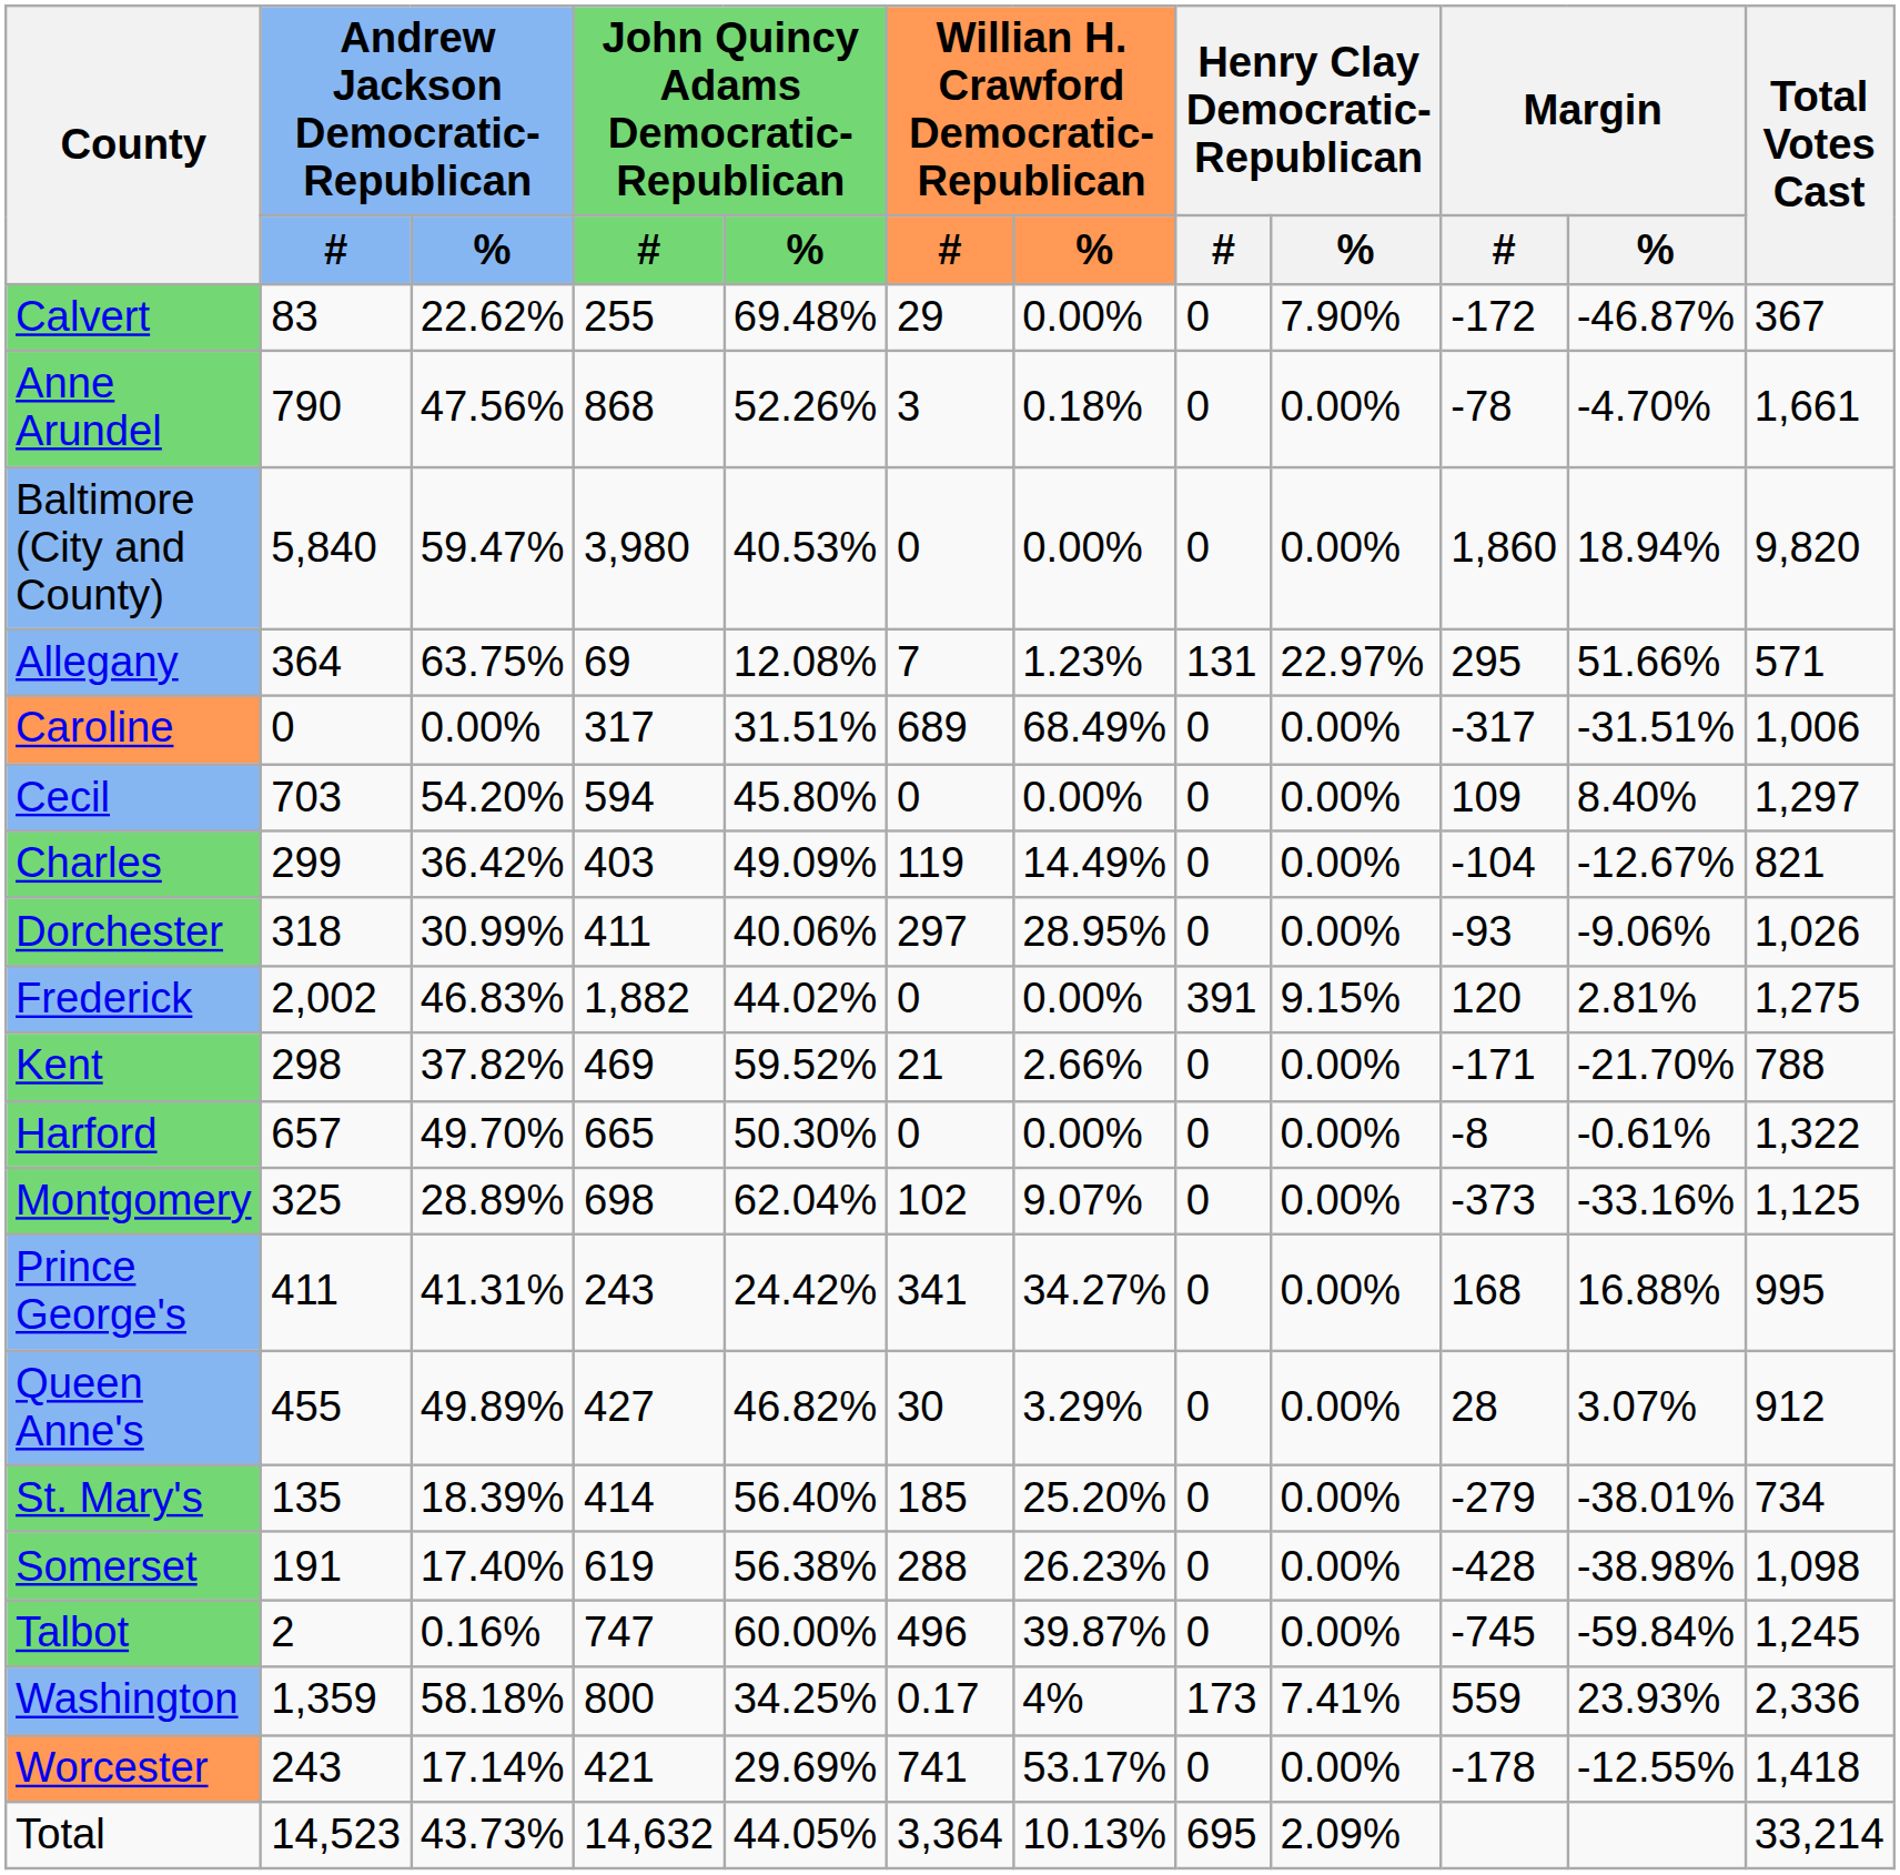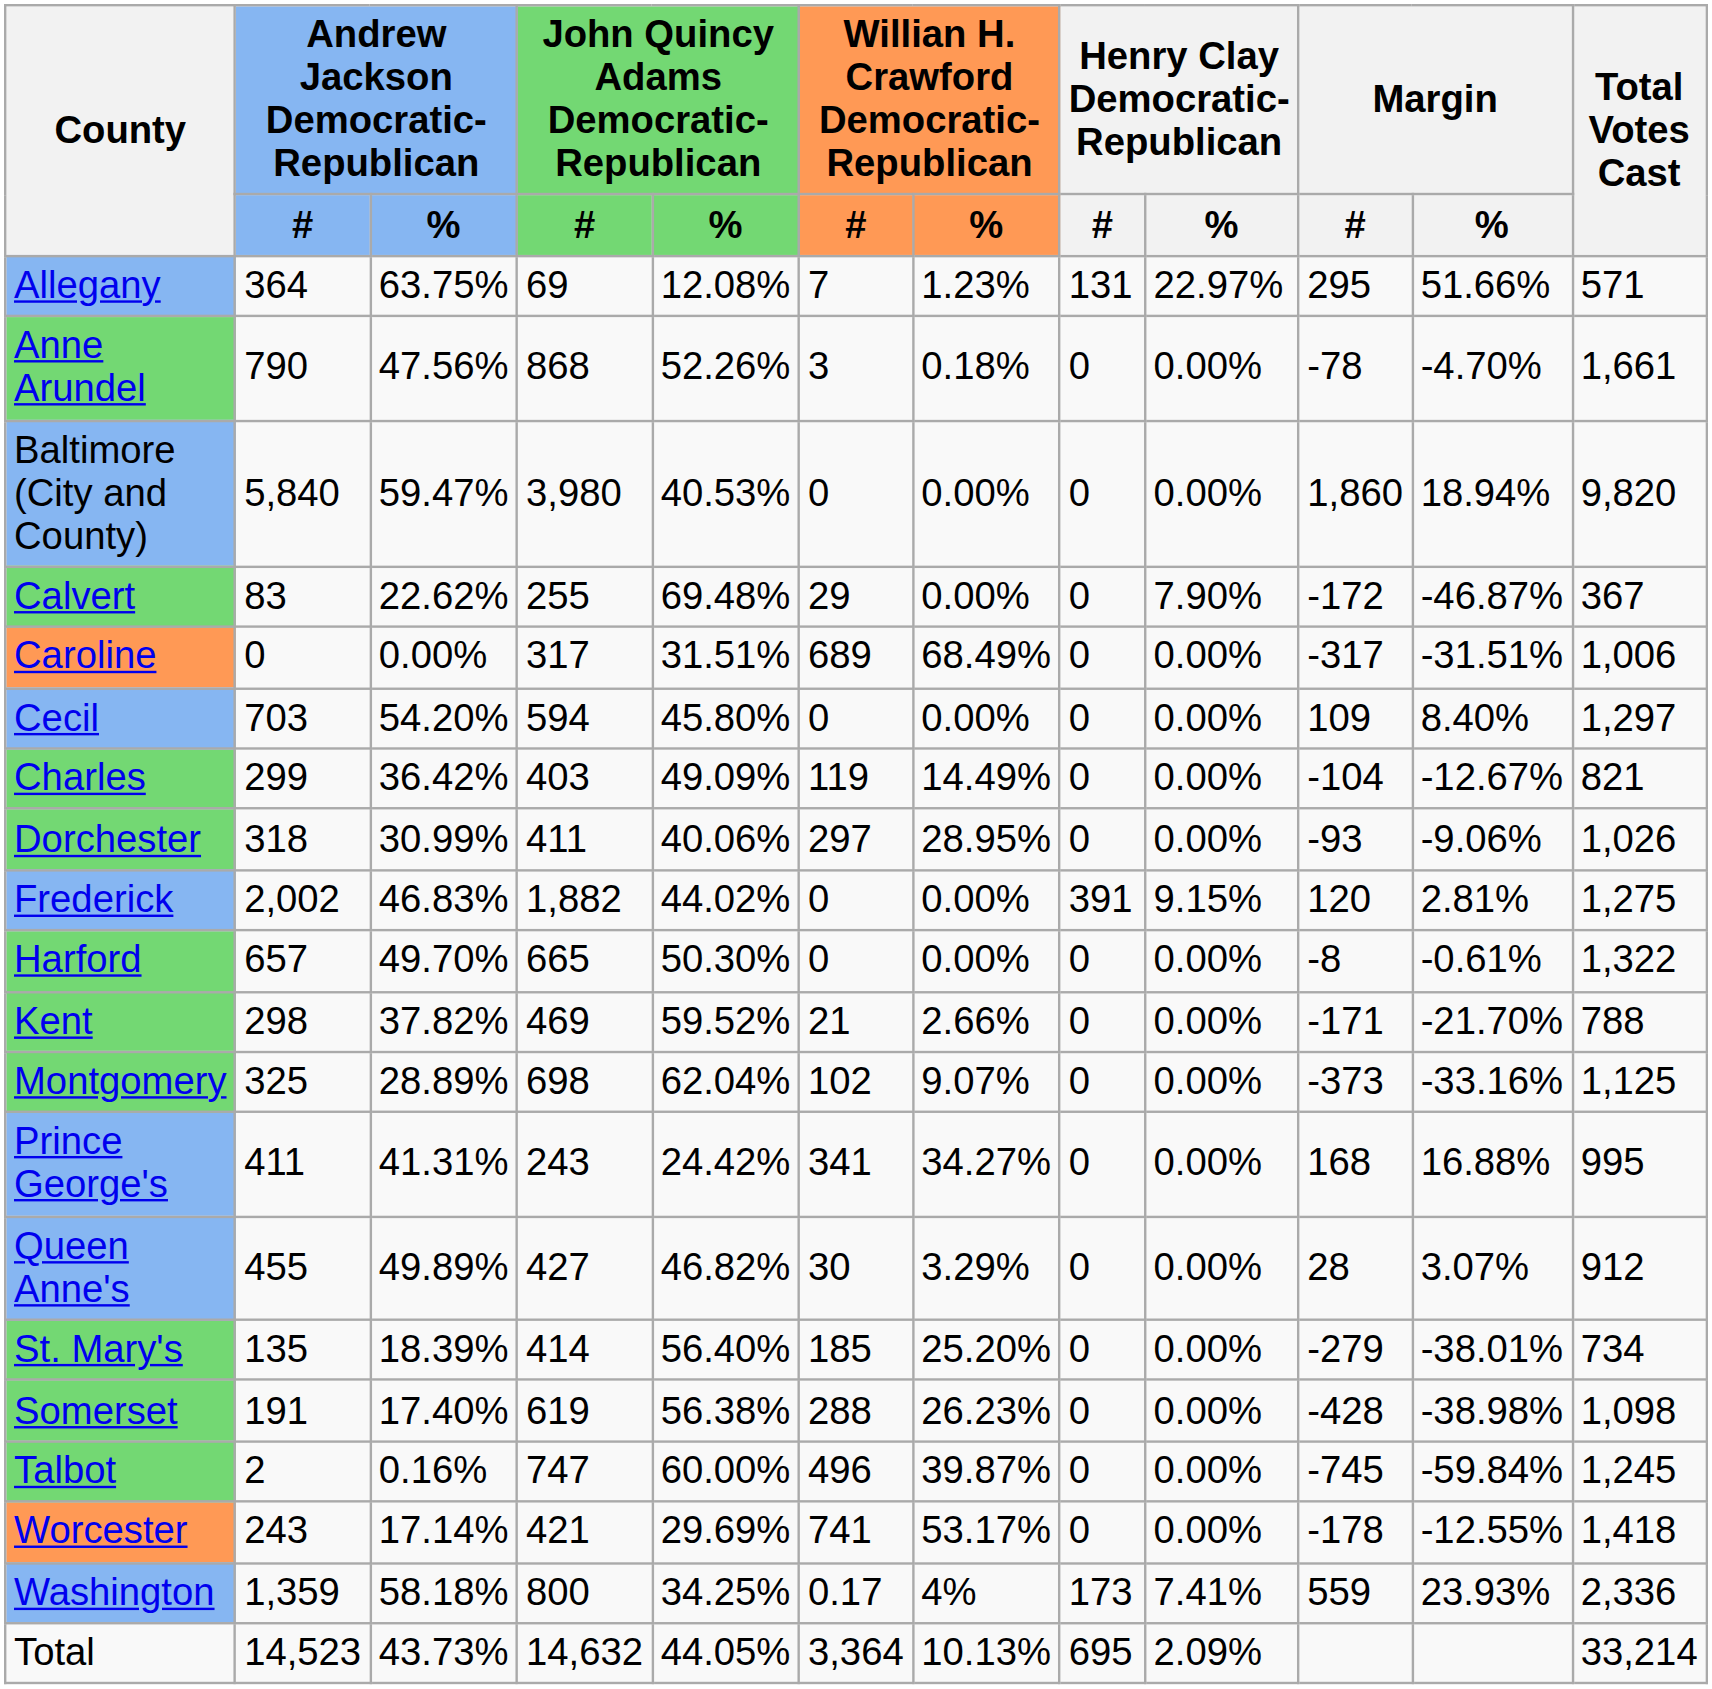 <table class="wikitable sortable">
 <tr>
 <th rowspan="2">County</th>
 <th colspan="2" style="background-color:#86b6f2">Andrew Jackson<br>Democratic-Republican</th>
 <th colspan="2" style="background-color:#73d873">John Quincy Adams<br>Democratic-Republican</th>
 <th colspan="2" style="background-color:#ff9955">Willian H. Crawford<br>Democratic-Republican</th>
 <th colspan="2" >Henry Clay<br>Democratic-Republican</th>
 <th colspan="2">Margin</th>
 <th rowspan="2">Total<br>Votes<br>Cast </th>
 </tr>
 <tr>
 <th style="background-color:#86b6f2">#</th>
 <th style="background-color:#86b6f2">%</th>
 <th style="background-color:#73d873">#</th>
 <th style="background-color:#73d873">%</th>
 <th style="background-color:#ff9955">#</th>
 <th style="background-color:#ff9955">%</th>
 <th>#</th>
 <th>%</th>
 <th>#</th>
 <th>%</th>
 </tr>
 <tr>
-<td style="background-color:#73d873"><a href='#'>Calvert</a></td>
-<td>83</td>
-<td>22.62%</td>
-<td>255</td>
-<td>69.48%</td>
-<td>29</td>
-<td>0.00%</td>
-<td>0</td>
-<td>7.90%</td>
-<td>-172</td>
-<td>-46.87%</td>
-<td>367</td>
+<td style="background-color:#86b6f2"><a href='#'>Allegany</a></td>
+<td>364</td>
+<td>63.75%</td>
+<td>69</td>
+<td>12.08%</td>
+<td>7</td>
+<td>1.23%</td>
+<td>131</td>
+<td>22.97%</td>
+<td>295</td>
+<td>51.66%</td>
+<td>571</td>
 </tr>
 <tr>
 <td style="background-color:#73d873"><a href='#'>Anne Arundel</a></td>
 <td>790</td>
 <td>47.56%</td>
 <td>868</td>
 <td>52.26%</td>
 <td>3</td>
 <td>0.18%</td>
 <td>0</td>
 <td>0.00%</td>
 <td>-78</td>
 <td>-4.70%</td>
 <td>1,661</td>
 </tr>
 <tr>
 <td style="background-color:#86b6f2">Baltimore (City and County)</td>
 <td>5,840</td>
 <td>59.47%</td>
 <td>3,980</td>
 <td>40.53%</td>
 <td>0</td>
 <td>0.00%</td>
 <td>0</td>
 <td>0.00%</td>
 <td>1,860</td>
 <td>18.94%</td>
 <td>9,820</td>
 </tr>
 <tr>
-<td style="background-color:#86b6f2"><a href='#'>Allegany</a></td>
-<td>364</td>
-<td>63.75%</td>
-<td>69</td>
-<td>12.08%</td>
-<td>7</td>
-<td>1.23%</td>
-<td>131</td>
-<td>22.97%</td>
-<td>295</td>
-<td>51.66%</td>
-<td>571</td>
+<td style="background-color:#73d873"><a href='#'>Calvert</a></td>
+<td>83</td>
+<td>22.62%</td>
+<td>255</td>
+<td>69.48%</td>
+<td>29</td>
+<td>0.00%</td>
+<td>0</td>
+<td>7.90%</td>
+<td>-172</td>
+<td>-46.87%</td>
+<td>367</td>
 </tr>
 <tr>
 <td style="background-color:#ff9955"><a href='#'>Caroline</a></td>
 <td>0</td>
 <td>0.00%</td>
 <td>317</td>
 <td>31.51%</td>
 <td>689</td>
 <td>68.49%</td>
 <td>0</td>
 <td>0.00%</td>
 <td>-317</td>
 <td>-31.51%</td>
 <td>1,006</td>
 </tr>
 <tr>
 <td style="background-color:#86b6f2"><a href='#'>Cecil</a></td>
 <td>703</td>
 <td>54.20%</td>
 <td>594</td>
 <td>45.80%</td>
 <td>0</td>
 <td>0.00%</td>
 <td>0</td>
 <td>0.00%</td>
 <td>109</td>
 <td>8.40%</td>
 <td>1,297</td>
 </tr>
 <tr>
 <td style="background-color:#73d873"><a href='#'>Charles</a></td>
 <td>299</td>
 <td>36.42%</td>
 <td>403</td>
 <td>49.09%</td>
 <td>119</td>
 <td>14.49%</td>
 <td>0</td>
 <td>0.00%</td>
 <td>-104</td>
 <td>-12.67%</td>
 <td>821</td>
 </tr>
 <tr>
 <td style="background-color:#73d873"><a href='#'>Dorchester</a></td>
 <td>318</td>
 <td>30.99%</td>
 <td>411</td>
 <td>40.06%</td>
 <td>297</td>
 <td>28.95%</td>
 <td>0</td>
 <td>0.00%</td>
 <td>-93</td>
 <td>-9.06%</td>
 <td>1,026</td>
 </tr>
 <tr>
 <td style="background-color:#86b6f2"><a href='#'>Frederick</a></td>
 <td>2,002</td>
 <td>46.83%</td>
 <td>1,882</td>
 <td>44.02%</td>
 <td>0</td>
 <td>0.00%</td>
 <td>391</td>
 <td>9.15%</td>
 <td>120</td>
 <td>2.81%</td>
 <td>1,275</td>
 </tr>
 <tr>
+<td style="background-color:#73d873"><a href='#'>Harford</a></td>
+<td>657</td>
+<td>49.70%</td>
+<td>665</td>
+<td>50.30%</td>
+<td>0</td>
+<td>0.00%</td>
+<td>0</td>
+<td>0.00%</td>
+<td>-8</td>
+<td>-0.61%</td>
+<td>1,322</td>
+</tr>
+<tr>
 <td style="background-color:#73d873"><a href='#'>Kent</a></td>
 <td>298</td>
 <td>37.82%</td>
 <td>469</td>
 <td>59.52%</td>
 <td>21</td>
 <td>2.66%</td>
 <td>0</td>
 <td>0.00%</td>
 <td>-171</td>
 <td>-21.70%</td>
 <td>788</td>
-</tr>
-<tr>
-<td style="background-color:#73d873"><a href='#'>Harford</a></td>
-<td>657</td>
-<td>49.70%</td>
-<td>665</td>
-<td>50.30%</td>
-<td>0</td>
-<td>0.00%</td>
-<td>0</td>
-<td>0.00%</td>
-<td>-8</td>
-<td>-0.61%</td>
-<td>1,322</td>
 </tr>
 <tr>
 <td style="background-color:#73d873"><a href='#'>Montgomery</a></td>
 <td>325</td>
 <td>28.89%</td>
 <td>698</td>
 <td>62.04%</td>
 <td>102</td>
 <td>9.07%</td>
 <td>0</td>
 <td>0.00%</td>
 <td>-373</td>
 <td>-33.16%</td>
 <td>1,125</td>
 </tr>
 <tr>
 <td style="background-color:#86b6f2"><a href='#'>Prince George's</a></td>
 <td>411</td>
 <td>41.31%</td>
 <td>243</td>
 <td>24.42%</td>
 <td>341</td>
 <td>34.27%</td>
 <td>0</td>
 <td>0.00%</td>
 <td>168</td>
 <td>16.88%</td>
 <td>995</td>
 </tr>
 <tr>
 <td style="background-color:#86b6f2"><a href='#'>Queen Anne's</a></td>
 <td>455</td>
 <td>49.89%</td>
 <td>427</td>
 <td>46.82%</td>
 <td>30</td>
 <td>3.29%</td>
 <td>0</td>
 <td>0.00%</td>
 <td>28</td>
 <td>3.07%</td>
 <td>912</td>
 </tr>
 <tr>
 <td style="background-color:#73d873"><a href='#'>St. Mary's</a></td>
 <td>135</td>
 <td>18.39%</td>
 <td>414</td>
 <td>56.40%</td>
 <td>185</td>
 <td>25.20%</td>
 <td>0</td>
 <td>0.00%</td>
 <td>-279</td>
 <td>-38.01%</td>
 <td>734</td>
 </tr>
 <tr>
 <td style="background-color:#73d873"><a href='#'>Somerset</a></td>
 <td>191</td>
 <td>17.40%</td>
 <td>619</td>
 <td>56.38%</td>
 <td>288</td>
 <td>26.23%</td>
 <td>0</td>
 <td>0.00%</td>
 <td>-428</td>
 <td>-38.98%</td>
 <td>1,098</td>
 </tr>
 <tr>
 <td style="background-color:#73d873"><a href='#'>Talbot</a></td>
 <td>2</td>
 <td>0.16%</td>
 <td>747</td>
 <td>60.00%</td>
 <td>496</td>
 <td>39.87%</td>
 <td>0</td>
 <td>0.00%</td>
 <td>-745</td>
 <td>-59.84%</td>
 <td>1,245</td>
 </tr>
 <tr>
+<td style="background-color:#ff9955"><a href='#'>Worcester</a></td>
+<td>243</td>
+<td>17.14%</td>
+<td>421</td>
+<td>29.69%</td>
+<td>741</td>
+<td>53.17%</td>
+<td>0</td>
+<td>0.00%</td>
+<td>-178</td>
+<td>-12.55%</td>
+<td>1,418</td>
+</tr>
+<tr>
 <td style="background-color:#86b6f2"><a href='#'>Washington</a></td>
 <td>1,359</td>
 <td>58.18%</td>
 <td>800</td>
 <td>34.25%</td>
 <td>0.17</td>
 <td>4%</td>
 <td>173</td>
 <td>7.41%</td>
 <td>559</td>
 <td>23.93%</td>
 <td>2,336</td>
-</tr>
-<tr>
-<td style="background-color:#ff9955"><a href='#'>Worcester</a></td>
-<td>243</td>
-<td>17.14%</td>
-<td>421</td>
-<td>29.69%</td>
-<td>741</td>
-<td>53.17%</td>
-<td>0</td>
-<td>0.00%</td>
-<td>-178</td>
-<td>-12.55%</td>
-<td>1,418</td>
 </tr>
 <tr>
 <td>Total</td>
 <td>14,523</td>
 <td>43.73%</td>
 <td>14,632</td>
 <td>44.05%</td>
 <td>3,364</td>
 <td>10.13%</td>
 <td>695</td>
 <td>2.09%</td>
 <td></td>
 <td></td>
 <td>33,214</td>
 </tr>
 </table>
